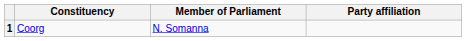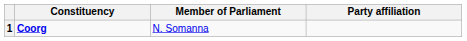 <table class="wikitable sortable">
 <tr style="text-align:center;">
 <th></th>
 <th style="width:13em">Constituency</th>
 <th style="width:15em">Member of Parliament</th>
 <th colspan="2" style="width:15em">Party affiliation</th>
 </tr>
 <tr>
 <th>1</th>
-<td><a href='#'>Coorg</a></td>
+<td><strong><a href='#'>Coorg</a></strong></td>
 <td><a href='#'>N. Somanna</a></td>
 <td></td>
 </tr>
 </table>
